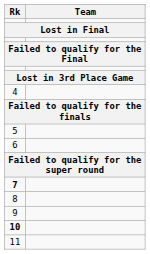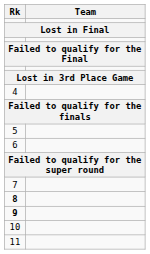 <table class=wikitable style=text-align:center>
 <tr>
 <th width=25>Rk</th>
 <th width=170>Team</th>
 </tr>
 <tr>
 <td></td>
 <td align=left></td>
 </tr>
 <tr>
 <th colspan="6">Lost in Final</th>
 </tr>
 <tr>
 <td></td>
 <td align=left></td>
 </tr>
 <tr>
 <th colspan="6">Failed to qualify for the Final</th>
 </tr>
 <tr>
 <td></td>
 <td align=left></td>
 </tr>
 <tr>
 <th colspan="6">Lost in 3rd Place Game</th>
 </tr>
 <tr>
 <td>4</td>
 <td align=left></td>
 </tr>
 <tr>
 <th colspan="6">Failed to qualify for the finals</th>
 </tr>
 <tr>
 <td>5</td>
 <td align=left></td>
 </tr>
 <tr>
 <td>6</td>
 <td align=left></td>
 </tr>
 <tr>
 <th colspan="6">Failed to qualify for the super round</th>
 </tr>
 <tr>
-<td><strong>7</strong></td>
+<td>7</td>
 <td align=left></td>
 </tr>
 <tr>
-<td>8</td>
+<td><strong>8</strong></td>
 <td align=left></td>
 </tr>
 <tr>
-<td>9</td>
+<td><strong>9</strong></td>
 <td align=left></td>
 </tr>
 <tr>
-<td><strong>10</strong></td>
+<td>10</td>
 <td align=left></td>
 </tr>
 <tr>
 <td>11</td>
 <td align=left><br></td>
 </tr>
 </table>
